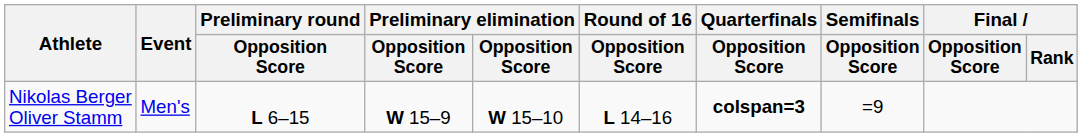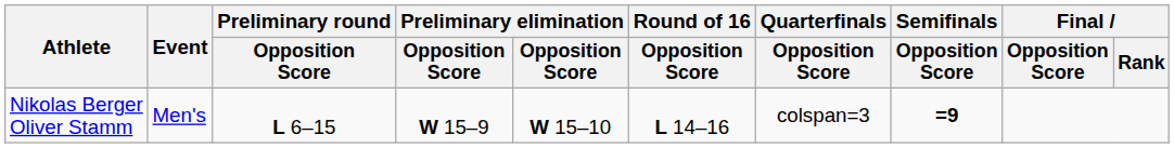 <table class=wikitable style=font-size:90%;text-align:center>
 <tr>
 <th rowspan=2>Athlete</th>
 <th rowspan=2>Event</th>
 <th>Preliminary round</th>
 <th colspan=2>Preliminary elimination</th>
 <th>Round of 16</th>
 <th>Quarterfinals</th>
 <th>Semifinals</th>
 <th colspan=2>Final / </th>
 </tr>
 <tr style=font-size:95%>
 <th>Opposition<br>Score</th>
 <th>Opposition<br>Score</th>
 <th>Opposition<br>Score</th>
 <th>Opposition<br>Score</th>
 <th>Opposition<br>Score</th>
 <th>Opposition<br>Score</th>
 <th>Opposition<br>Score</th>
 <th>Rank</th>
 </tr>
 <tr>
 <td align=left><a href='#'>Nikolas Berger</a><br><a href='#'>Oliver Stamm</a></td>
 <td align=left rowspan=2><a href='#'>Men's</a></td>
 <td><br><strong>L</strong> 6–15</td>
 <td><br><strong>W</strong> 15–9</td>
 <td><br><strong>W</strong> 15–10</td>
 <td><br><strong>L</strong> 14–16</td>
-<td><strong>colspan=3 </strong></td>
-<td>=9</td>
+<td>colspan=3 </td>
+<td><strong>=9</strong></td>
 </tr>
 </table>
